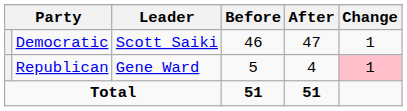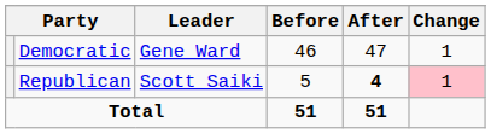 <table class="wikitable" style="text-align:center;">
 <tr>
 </tr>
 <tr>
 <th colspan=2>Party</th>
 <th>Leader</th>
 <th>Before</th>
 <th>After</th>
 <th>Change</th>
 </tr>
 <tr>
 <th style="background-color:"></th>
 <td style="text-align:left;"><a href='#'>Democratic</a></td>
-<td style="text-align:left;"><a href='#'>Scott Saiki</a></td>
+<td style="text-align:left;"><a href='#'>Gene Ward</a></td>
 <td>46</td>
 <td>47</td>
 <td> 1</td>
 </tr>
 <tr>
 <th style="background-color:"></th>
 <td style="text-align:left;"><a href='#'>Republican</a></td>
-<td style="text-align:left;"><a href='#'>Gene Ward</a></td>
+<td style="text-align:left;"><a href='#'>Scott Saiki</a></td>
 <td>5</td>
-<td>4</td>
+<td><strong>4</strong></td>
 <td style="background: pink;"> 1</td>
 </tr>
 <tr>
 <td colspan=3><strong>Total</strong></td>
 <td><strong>51</strong></td>
 <td><strong>51</strong></td>
 <td></td>
 </tr>
 </table>
